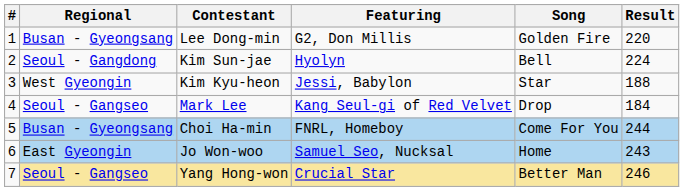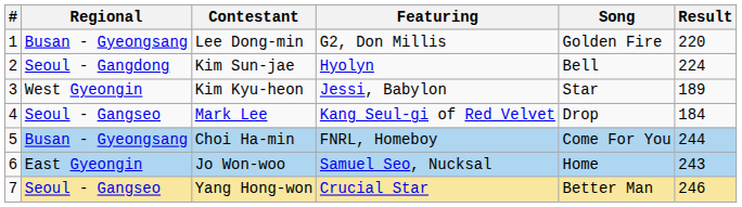 <table class="wikitable">
 <tr>
 <th>#</th>
 <th>Regional</th>
 <th>Contestant</th>
 <th>Featuring</th>
 <th>Song</th>
 <th>Result</th>
 </tr>
 <tr>
 <td>1</td>
 <td><a href='#'>Busan</a> - <a href='#'>Gyeongsang</a></td>
 <td>Lee Dong-min</td>
 <td>G2, Don Millis</td>
 <td>Golden Fire</td>
 <td>220</td>
 </tr>
 <tr>
 <td>2</td>
 <td><a href='#'>Seoul</a> - <a href='#'>Gangdong</a></td>
 <td>Kim Sun-jae</td>
 <td><a href='#'>Hyolyn</a></td>
 <td>Bell</td>
 <td>224</td>
 </tr>
 <tr>
 <td>3</td>
 <td>West <a href='#'>Gyeongin</a></td>
 <td>Kim Kyu-heon</td>
 <td><a href='#'>Jessi</a>, Babylon</td>
 <td>Star</td>
-<td>188</td>
+<td>189</td>
 </tr>
 <tr>
 <td>4</td>
 <td><a href='#'>Seoul</a> - <a href='#'>Gangseo</a></td>
 <td><a href='#'>Mark Lee</a></td>
 <td><a href='#'>Kang Seul-gi</a> of <a href='#'>Red Velvet</a></td>
 <td>Drop</td>
 <td>184</td>
 </tr>
 <tr>
 <td>5</td>
 <td style="background:#aed6f1;"><a href='#'>Busan</a> - <a href='#'>Gyeongsang</a></td>
 <td style="background:#aed6f1;">Choi Ha-min</td>
 <td style="background:#aed6f1;">FNRL, Homeboy</td>
 <td style="background:#aed6f1;">Come For You</td>
 <td style="background:#aed6f1;">244</td>
 </tr>
 <tr>
 <td>6</td>
 <td style="background:#aed6f1;">East <a href='#'>Gyeongin</a></td>
 <td style="background:#aed6f1;">Jo Won-woo</td>
 <td style="background:#aed6f1;"><a href='#'>Samuel Seo</a>, Nucksal</td>
 <td style="background:#aed6f1;">Home</td>
 <td style="background:#aed6f1;">243</td>
 </tr>
 <tr>
 <td>7</td>
 <td style="background:#f9e79f;"><a href='#'>Seoul</a> - <a href='#'>Gangseo</a></td>
 <td style="background:#f9e79f;">Yang Hong-won</td>
 <td style="background:#f9e79f;"><a href='#'>Crucial Star</a></td>
 <td style="background:#f9e79f;">Better Man</td>
 <td style="background:#f9e79f;">246</td>
 </tr>
 </table>
